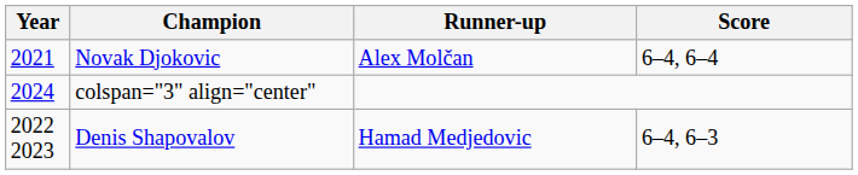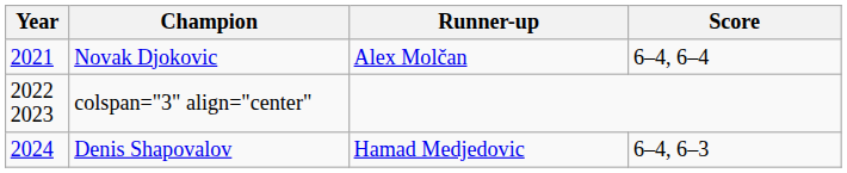 <table class="wikitable">
 <tr>
 <th style="width:40px">Year</th>
 <th style="width:200px">Champion</th>
 <th style="width:200px">Runner-up</th>
 <th style="width:150px" class="unsortable">Score</th>
 </tr>
 <tr>
 <td><a href='#'>2021</a></td>
 <td> <a href='#'>Novak Djokovic</a></td>
 <td> <a href='#'>Alex Molčan</a></td>
 <td>6–4, 6–4</td>
 </tr>
 <tr>
-<td><a href='#'>2024</a></td>
+<td>2022<br>2023</td>
 <td>colspan="3" align="center" </td>
 </tr>
 <tr>
-<td>2022<br>2023</td>
+<td><a href='#'>2024</a></td>
 <td> <a href='#'>Denis Shapovalov</a></td>
 <td> <a href='#'>Hamad Medjedovic</a></td>
 <td>6–4, 6–3</td>
 </tr>
 </table>
